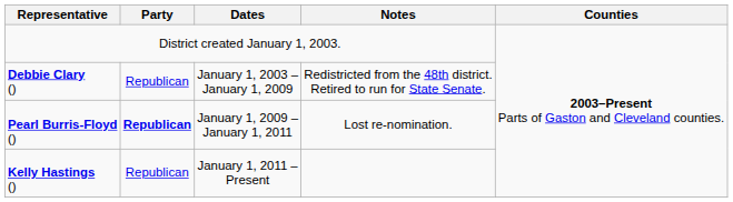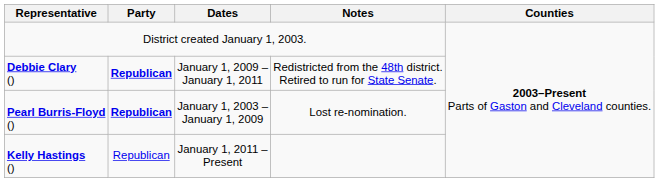 <table class=wikitable style="text-align:center">
 <tr>
 <th>Representative</th>
 <th>Party</th>
 <th>Dates</th>
 <th>Notes</th>
 <th>Counties</th>
 </tr>
 <tr style="height:3em">
 <td colspan=4>District created January 1, 2003.</td>
 <td rowspan=4><strong>2003–Present</strong> <br> Parts of <a href='#'>Gaston</a> and <a href='#'>Cleveland</a> counties.</td>
 </tr>
 <tr style="height:3em">
 <td align=left><strong><a href='#'>Debbie Clary</a></strong><br>()</td>
-<td><a href='#'>Republican</a></td>
-<td nowrap>January 1, 2003 – <br> January 1, 2009</td>
+<td><strong><a href='#'>Republican</a></strong></td>
+<td nowrap>January 1, 2009 – <br> January 1, 2011</td>
 <td>Redistricted from the <a href='#'>48th</a> district. <br> Retired to run for <a href='#'>State Senate</a>.</td>
 </tr>
 <tr style="height:3em">
 <td align=left><br><strong><a href='#'>Pearl Burris-Floyd</a></strong><br>()</td>
 <td><strong><a href='#'>Republican</a></strong></td>
-<td nowrap>January 1, 2009 – <br> January 1, 2011</td>
+<td nowrap>January 1, 2003 – <br> January 1, 2009</td>
 <td>Lost re-nomination.</td>
 </tr>
 <tr style="height:3em">
 <td align=left><br><strong><a href='#'>Kelly Hastings</a></strong><br>()</td>
 <td><a href='#'>Republican</a></td>
 <td nowrap>January 1, 2011 – <br> Present</td>
 <td></td>
 </tr>
 </table>
